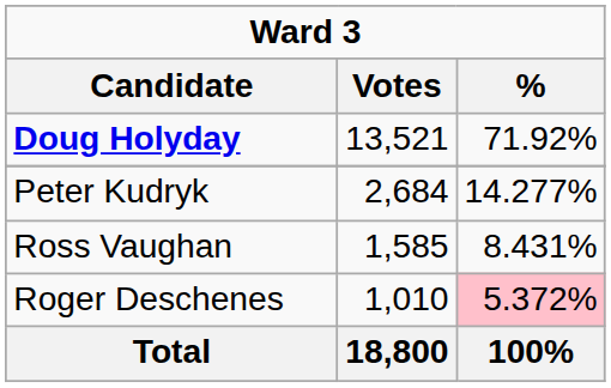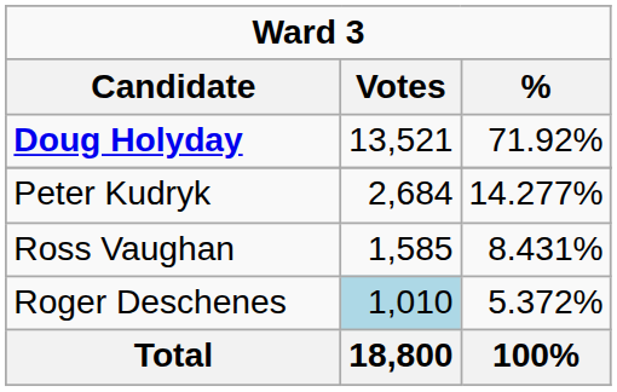 <table class="wikitable">
 <tr>
 <td Colspan="3" align="center"><strong>Ward 3</strong></td>
 </tr>
 <tr>
 <th bgcolor="#DDDDFF" width="150px">Candidate</th>
 <th bgcolor="#DDDDFF">Votes</th>
 <th bgcolor="#DDDDFF">%</th>
 </tr>
 <tr>
 <td><strong><a href='#'>Doug Holyday</a></strong></td>
 <td align=right>13,521</td>
 <td align=right>71.92%</td>
 </tr>
 <tr>
 </tr>
 <tr>
 <td>Peter Kudryk</td>
 <td align=right>2,684</td>
 <td align=right>14.277%</td>
 </tr>
 <tr>
 <td>Ross Vaughan</td>
 <td align=right>1,585</td>
 <td align=right>8.431%</td>
 </tr>
 <tr>
 <td>Roger Deschenes</td>
-<td align=right>1,010</td>
-<td align=right style="background: pink;">5.372%</td>
+<td align=right style="background: lightblue;">1,010</td>
+<td align=right>5.372%</td>
 </tr>
 <tr>
 <th>Total</th>
 <th align=right>18,800</th>
 <th align=right>100%</th>
 </tr>
 </table>
